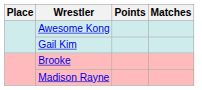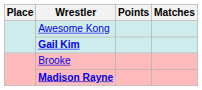 <table class="wikitable sortable">
 <tr>
 <th>Place</th>
 <th>Wrestler</th>
 <th>Points</th>
 <th>Matches</th>
 </tr>
 <tr bgcolor="#cfecec">
 <td rowspan=2></td>
 <td><a href='#'>Awesome Kong</a></td>
 <td></td>
 <td></td>
 </tr>
 <tr bgcolor="#cfecec">
-<td><a href='#'>Gail Kim</a></td>
+<td><strong><a href='#'>Gail Kim</a></strong></td>
 <td></td>
 <td></td>
 </tr>
 <tr bgcolor="#ffbbbb">
 <td rowspan=2></td>
 <td><a href='#'>Brooke</a></td>
 <td></td>
 <td></td>
 </tr>
 <tr bgcolor="#ffbbbb">
-<td><a href='#'>Madison Rayne</a></td>
+<td><strong><a href='#'>Madison Rayne</a></strong></td>
 <td></td>
 <td></td>
 </tr>
 </table>
